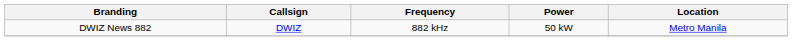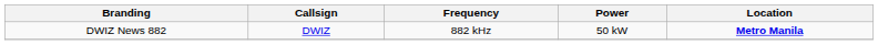 <table class="wikitable" style="width:100%; text-align:center;">
 <tr>
 <th>Branding</th>
 <th>Callsign</th>
 <th>Frequency</th>
 <th>Power</th>
 <th>Location</th>
 </tr>
 <tr>
 <td>DWIZ News 882</td>
 <td><a href='#'>DWIZ</a></td>
 <td>882 kHz</td>
 <td>50 kW</td>
-<td><a href='#'>Metro Manila</a></td>
+<td><strong><a href='#'>Metro Manila</a></strong></td>
 </tr>
 <tr>
 </tr>
 </table>
